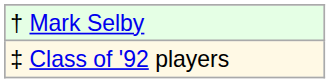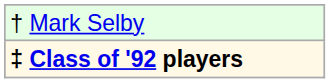 <table class="wikitable floatright" style="font-size:85%; width:15%">
 <tr>
 <td style="background:#e5ffe5;">† <a href='#'>Mark Selby</a></td>
 </tr>
 <tr>
-<td style="background:#fff9e5;">‡ <a href='#'>Class of '92</a> players</td>
+<td style="background:#fff9e5;"><strong>‡ <a href='#'>Class of '92</a> players</strong></td>
 </tr>
 </table>
